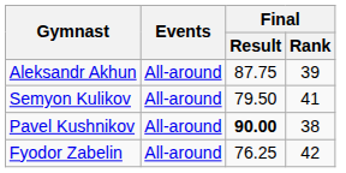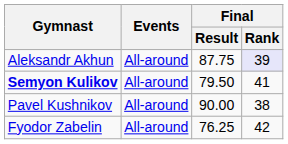 <table class=wikitable style="font-size:90%">
 <tr>
 <th rowspan="2">Gymnast</th>
 <th rowspan="2">Events</th>
 <th colspan="2">Final</th>
 </tr>
 <tr>
 <th>Result</th>
 <th>Rank</th>
 </tr>
 <tr>
 <td><a href='#'>Aleksandr Akhun</a></td>
 <td><a href='#'>All-around</a></td>
 <td align=center>87.75</td>
-<td align=center>39</td>
+<td align=center style="background: lavender;">39</td>
 </tr>
 <tr>
-<td><a href='#'>Semyon Kulikov</a></td>
+<td><strong><a href='#'>Semyon Kulikov</a></strong></td>
 <td><a href='#'>All-around</a></td>
 <td align=center>79.50</td>
 <td align=center>41</td>
 </tr>
 <tr>
 <td><a href='#'>Pavel Kushnikov</a></td>
 <td><a href='#'>All-around</a></td>
-<td align=center><strong>90.00</strong></td>
+<td align=center>90.00</td>
 <td align=center>38</td>
 </tr>
 <tr>
 <td><a href='#'>Fyodor Zabelin</a></td>
 <td><a href='#'>All-around</a></td>
 <td align=center>76.25</td>
 <td align=center>42</td>
 </tr>
 </table>
